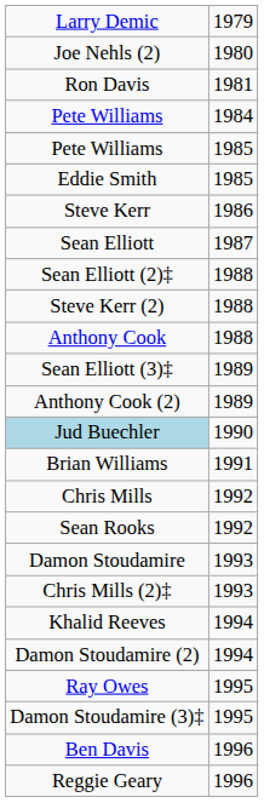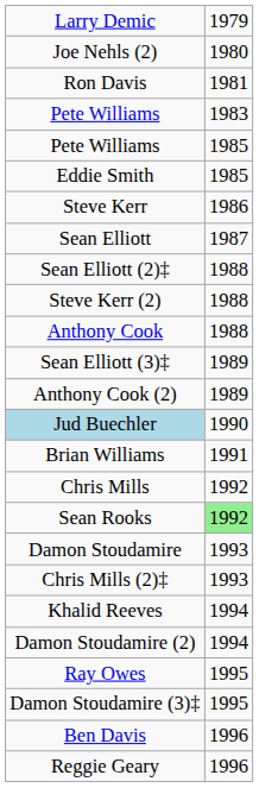 <table class="wikitable" style="text-align:center;">
 <tr>
 <td><a href='#'>Larry Demic</a></td>
 <td>1979</td>
 </tr>
 <tr>
 <td>Joe Nehls (2)</td>
 <td>1980</td>
 </tr>
 <tr>
 <td>Ron Davis</td>
 <td>1981</td>
 </tr>
 <tr>
 <td><a href='#'>Pete Williams</a></td>
-<td>1984</td>
+<td>1983</td>
 </tr>
 <tr>
 <td>Pete Williams</td>
 <td>1985</td>
 </tr>
 <tr>
 <td>Eddie Smith</td>
 <td>1985</td>
 </tr>
 <tr>
 <td>Steve Kerr</td>
 <td>1986</td>
 </tr>
 <tr>
 <td>Sean Elliott</td>
 <td>1987</td>
 </tr>
 <tr>
 <td>Sean Elliott (2)‡</td>
 <td>1988</td>
 </tr>
 <tr>
 <td>Steve Kerr (2)</td>
 <td>1988</td>
 </tr>
 <tr>
 <td><a href='#'>Anthony Cook</a></td>
 <td>1988</td>
 </tr>
 <tr>
 <td>Sean Elliott (3)‡</td>
 <td>1989</td>
 </tr>
 <tr>
 <td>Anthony Cook (2)</td>
 <td>1989</td>
 </tr>
 <tr>
 <td style="background: lightblue;">Jud Buechler</td>
 <td>1990</td>
 </tr>
 <tr>
 <td>Brian Williams</td>
 <td>1991</td>
 </tr>
 <tr>
 <td>Chris Mills</td>
 <td>1992</td>
 </tr>
 <tr>
 <td>Sean Rooks</td>
-<td>1992</td>
+<td style="background: lightgreen;">1992</td>
 </tr>
 <tr>
 <td>Damon Stoudamire</td>
 <td>1993</td>
 </tr>
 <tr>
 <td>Chris Mills (2)‡</td>
 <td>1993</td>
 </tr>
 <tr>
 <td>Khalid Reeves</td>
 <td>1994</td>
 </tr>
 <tr>
 <td>Damon Stoudamire (2)</td>
 <td>1994</td>
 </tr>
 <tr>
 <td><a href='#'>Ray Owes</a></td>
 <td>1995</td>
 </tr>
 <tr>
 <td>Damon Stoudamire (3)‡</td>
 <td>1995</td>
 </tr>
 <tr>
 <td><a href='#'>Ben Davis</a></td>
 <td>1996</td>
 </tr>
 <tr>
 <td>Reggie Geary</td>
 <td>1996</td>
 </tr>
 </table>
